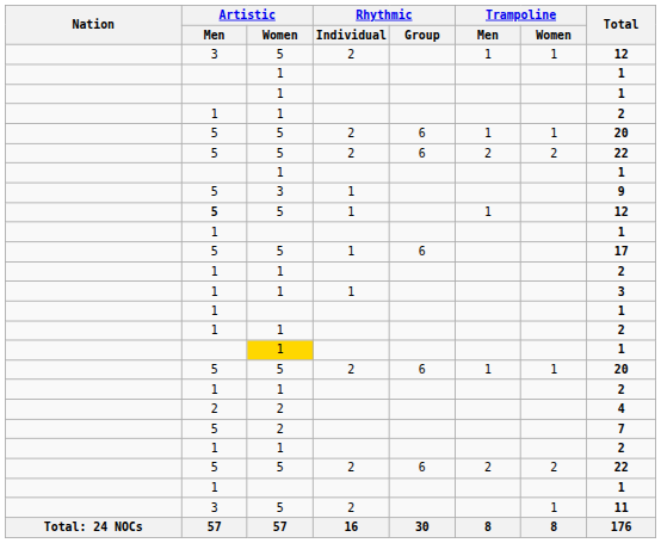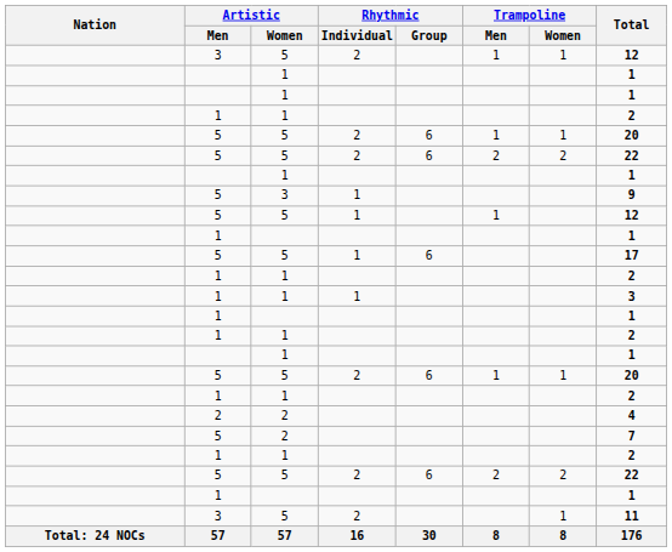 <table class="wikitable" width=650 style="text-align:center; font-size:90%">
 <tr>
 <th rowspan="2" align="left">Nation</th>
 <th colspan="2"><a href='#'>Artistic</a></th>
 <th colspan="2"><a href='#'>Rhythmic</a></th>
 <th colspan=2><a href='#'>Trampoline</a></th>
 <th rowspan="2">Total</th>
 </tr>
 <tr>
 <th width=60>Men</th>
 <th width=60>Women</th>
 <th width=60>Individual</th>
 <th width=60>Group</th>
 <th width=60>Men</th>
 <th width=60>Women</th>
 </tr>
 <tr>
 <td align=left></td>
 <td>3</td>
 <td>5</td>
 <td>2</td>
 <td></td>
 <td>1</td>
 <td>1</td>
 <td><strong>12</strong></td>
 </tr>
 <tr>
 <td align=left></td>
 <td></td>
 <td>1</td>
 <td></td>
 <td></td>
 <td></td>
 <td></td>
 <td><strong>1</strong></td>
 </tr>
 <tr>
 <td align=left></td>
 <td></td>
 <td>1</td>
 <td></td>
 <td></td>
 <td></td>
 <td></td>
 <td><strong>1</strong></td>
 </tr>
 <tr>
 <td align=left></td>
 <td>1</td>
 <td>1</td>
 <td></td>
 <td></td>
 <td></td>
 <td></td>
 <td><strong>2</strong></td>
 </tr>
 <tr>
 <td align=left></td>
 <td>5</td>
 <td>5</td>
 <td>2</td>
 <td>6</td>
 <td>1</td>
 <td>1</td>
 <td><strong>20</strong></td>
 </tr>
 <tr>
 <td align=left></td>
 <td>5</td>
 <td>5</td>
 <td>2</td>
 <td>6</td>
 <td>2</td>
 <td>2</td>
 <td><strong>22</strong></td>
 </tr>
 <tr>
 <td align=left></td>
 <td></td>
 <td>1</td>
 <td></td>
 <td></td>
 <td></td>
 <td></td>
 <td><strong>1</strong></td>
 </tr>
 <tr>
 <td align=left></td>
 <td>5</td>
 <td>3</td>
 <td>1</td>
 <td></td>
 <td></td>
 <td></td>
 <td><strong>9</strong></td>
 </tr>
 <tr>
 <td align=left></td>
-<td><strong>5</strong></td>
+<td>5</td>
 <td>5</td>
 <td>1</td>
 <td></td>
 <td>1</td>
 <td></td>
 <td><strong>12</strong></td>
 </tr>
 <tr>
 <td align=left></td>
 <td>1</td>
 <td></td>
 <td></td>
 <td></td>
 <td></td>
 <td></td>
 <td><strong>1</strong></td>
 </tr>
 <tr>
 <td align=left></td>
 <td>5</td>
 <td>5</td>
 <td>1</td>
 <td>6</td>
 <td></td>
 <td></td>
 <td><strong>17</strong></td>
 </tr>
 <tr>
 <td align=left></td>
 <td>1</td>
 <td>1</td>
 <td></td>
 <td></td>
 <td></td>
 <td></td>
 <td><strong>2</strong></td>
 </tr>
 <tr>
 <td align=left></td>
 <td>1</td>
 <td>1</td>
 <td>1</td>
 <td></td>
 <td></td>
 <td></td>
 <td><strong>3</strong></td>
 </tr>
 <tr>
 <td align=left></td>
 <td>1</td>
 <td></td>
 <td></td>
 <td></td>
 <td></td>
 <td></td>
 <td><strong>1</strong></td>
 </tr>
 <tr>
 <td align=left></td>
 <td>1</td>
 <td>1</td>
 <td></td>
 <td></td>
 <td></td>
 <td></td>
 <td><strong>2</strong></td>
 </tr>
 <tr>
 <td align=left></td>
 <td></td>
-<td style="background: gold;">1</td>
+<td>1</td>
 <td></td>
 <td></td>
 <td></td>
 <td></td>
 <td><strong>1</strong></td>
 </tr>
 <tr>
 <td align=left></td>
 <td>5</td>
 <td>5</td>
 <td>2</td>
 <td>6</td>
 <td>1</td>
 <td>1</td>
 <td><strong>20</strong></td>
 </tr>
 <tr>
 <td align=left></td>
 <td>1</td>
 <td>1</td>
 <td></td>
 <td></td>
 <td></td>
 <td></td>
 <td><strong>2</strong></td>
 </tr>
 <tr>
 <td align=left></td>
 <td>2</td>
 <td>2</td>
 <td></td>
 <td></td>
 <td></td>
 <td></td>
 <td><strong>4</strong></td>
 </tr>
 <tr>
 <td align=left></td>
 <td>5</td>
 <td>2</td>
 <td></td>
 <td></td>
 <td></td>
 <td></td>
 <td><strong>7</strong></td>
 </tr>
 <tr>
 <td align=left></td>
 <td>1</td>
 <td>1</td>
 <td></td>
 <td></td>
 <td></td>
 <td></td>
 <td><strong>2</strong></td>
 </tr>
 <tr>
 <td align=left></td>
 <td>5</td>
 <td>5</td>
 <td>2</td>
 <td>6</td>
 <td>2</td>
 <td>2</td>
 <td><strong>22</strong></td>
 </tr>
 <tr>
 <td align=left></td>
 <td>1</td>
 <td></td>
 <td></td>
 <td></td>
 <td></td>
 <td></td>
 <td><strong>1</strong></td>
 </tr>
 <tr>
 <td align=left></td>
 <td>3</td>
 <td>5</td>
 <td>2</td>
 <td></td>
 <td></td>
 <td>1</td>
 <td><strong>11</strong></td>
 </tr>
 <tr>
 <th>Total: 24 NOCs</th>
 <th>57</th>
 <th>57</th>
 <th>16</th>
 <th>30</th>
 <th>8</th>
 <th>8</th>
 <th>176</th>
 </tr>
 </table>
